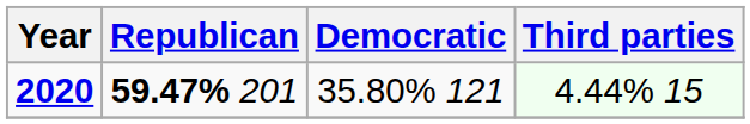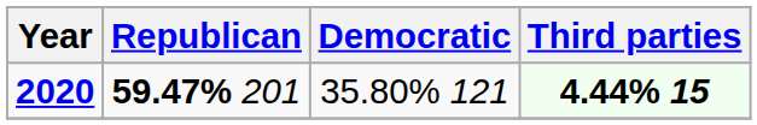 <table class="wikitable" style="float:right; font-size:95%;">
 <tr bgcolor=lightgrey>
 <th>Year</th>
 <th><a href='#'>Republican</a></th>
 <th><a href='#'>Democratic</a></th>
 <th><a href='#'>Third parties</a></th>
 </tr>
 <tr>
 <td style="text-align:center;" ><strong><a href='#'>2020</a></strong></td>
 <td style="text-align:center;" ><strong>59.47%</strong> <em>201</em></td>
 <td style="text-align:center;" >35.80% <em>121</em></td>
-<td style="text-align:center; background:honeyDew;">4.44% <em>15</em></td>
+<td style="text-align:center; background:honeyDew;"><strong>4.44% <em>15</em></strong></td>
 </tr>
 <tr>
 </tr>
 </table>
